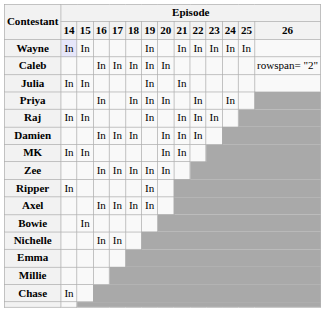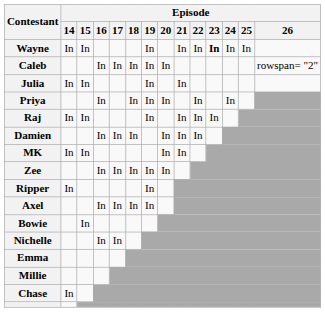 <table class="wikitable" style="text-align: center;">
 <tr>
 <th rowspan="2">Contestant</th>
 <th colspan="100%">Episode</th>
 </tr>
 <tr>
 <th>14</th>
 <th>15</th>
 <th>16</th>
 <th>17</th>
 <th>18</th>
 <th>19</th>
 <th>20</th>
 <th>21</th>
 <th>22</th>
 <th>23</th>
 <th>24</th>
 <th>25</th>
 <th>26</th>
 </tr>
 <tr>
 <th scope="row">Wayne</th>
-<td style="background: lavender;"> In</td>
+<td> In</td>
 <td> In</td>
 <td> </td>
 <td> </td>
 <td> </td>
 <td> In</td>
 <td> </td>
 <td> In</td>
 <td> In</td>
-<td> In</td>
+<td><strong> In</strong></td>
 <td> In</td>
 <td> In</td>
 <td> </td>
 </tr>
 <tr>
 <th scope="row">Caleb</th>
 <td> </td>
 <td> </td>
 <td> In</td>
 <td> In</td>
 <td> In</td>
 <td> In</td>
 <td> In</td>
 <td> </td>
 <td> </td>
 <td> </td>
 <td> </td>
 <td> </td>
 <td> rowspan= "2" </td>
 </tr>
 <tr>
 <th scope="row">Julia</th>
 <td> In</td>
 <td> In</td>
 <td> </td>
 <td> </td>
 <td> </td>
 <td> In</td>
 <td> </td>
 <td> In</td>
 <td> </td>
 <td> </td>
 <td> </td>
 <td> </td>
 </tr>
 <tr>
 <th scope="row">Priya</th>
 <td> </td>
 <td> </td>
 <td> In</td>
 <td> </td>
 <td> In</td>
 <td> In</td>
 <td> In</td>
 <td> </td>
 <td> In</td>
 <td> </td>
 <td> In</td>
 <td> </td>
 <td colspan="100%" style="background:darkgray; border:none;"></td>
 </tr>
 <tr>
 <th scope="row">Raj</th>
 <td> In</td>
 <td> In</td>
 <td> </td>
 <td> </td>
 <td> </td>
 <td> In</td>
 <td> </td>
 <td> In</td>
 <td> In</td>
 <td> In</td>
 <td> </td>
 <td colspan="100%" style="background:darkgray; border:none;"></td>
 </tr>
 <tr>
 <th scope="row">Damien</th>
 <td> </td>
 <td> </td>
 <td> In</td>
 <td> In</td>
 <td> In</td>
 <td> </td>
 <td> In</td>
 <td> In</td>
 <td> In</td>
 <td> </td>
 <td colspan="100%" style="background:darkgray; border:none;"></td>
 </tr>
 <tr>
 <th scope="row">MK</th>
 <td>In</td>
 <td>In</td>
 <td> </td>
 <td> </td>
 <td> </td>
 <td> </td>
 <td> In</td>
 <td>In</td>
 <td> </td>
 <td colspan="100%" style="background:darkgray; border:none;"></td>
 </tr>
 <tr>
 <th scope="row">Zee</th>
 <td> </td>
 <td> </td>
 <td> In</td>
 <td> In</td>
 <td> In</td>
 <td> In</td>
 <td> In</td>
 <td> </td>
 <td colspan="100%" style="background:darkgray; border:none;"></td>
 </tr>
 <tr>
 <th scope="row">Ripper</th>
 <td> In</td>
 <td> </td>
 <td> </td>
 <td> </td>
 <td> </td>
 <td> In</td>
 <td> </td>
 <td colspan="100%" style="background:darkgray; border:none;"></td>
 </tr>
 <tr>
 <th scope="row">Axel</th>
 <td> </td>
 <td> </td>
 <td> In</td>
 <td> In</td>
 <td> In</td>
 <td> In</td>
 <td> </td>
 <td colspan="100%" style="background:darkgray; border:none;"></td>
 </tr>
 <tr>
 <th scope="row">Bowie</th>
 <td> </td>
 <td> In</td>
 <td> </td>
 <td> </td>
 <td> </td>
 <td> </td>
 <td colspan="100%" style="background:darkgray; border:none;"></td>
 </tr>
 <tr>
 <th scope="row">Nichelle</th>
 <td> </td>
 <td> </td>
 <td> In</td>
 <td> In</td>
 <td></td>
 <td colspan="100%" style="background:darkgray; border:none;"></td>
 </tr>
 <tr>
 <th scope="row">Emma</th>
 <td> </td>
 <td> </td>
 <td> </td>
 <td> </td>
 <td colspan="100%" style="background:darkgray; border:none;"></td>
 </tr>
 <tr>
 <th scope="row">Millie</th>
 <td> </td>
 <td> </td>
 <td> </td>
 <td colspan="100%" style="background:darkgray; border:none;"></td>
 </tr>
 <tr>
 <th scope="row">Chase</th>
 <td> In</td>
 <td> </td>
 <td colspan="100%" style="background:darkgray; border:none;"></td>
 </tr>
 <tr>
 <th scope="row"></th>
 <td> </td>
 <td colspan="100%" style="background:darkgray; border:none;"></td>
 </tr>
 </table>
